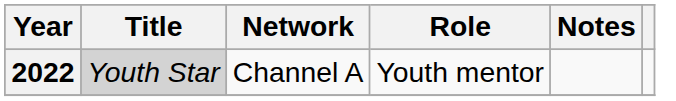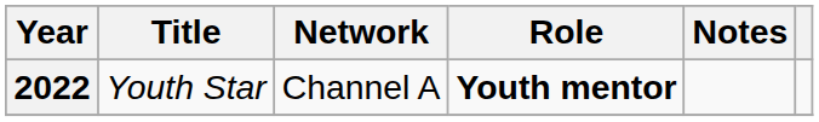 <table class="wikitable sortable plainrowheaders">
 <tr>
 <th scope="col">Year</th>
 <th scope="col">Title</th>
 <th scope="col">Network</th>
 <th scope="col">Role</th>
 <th scope="col">Notes</th>
 <th scope="col" class="unsortable"></th>
 </tr>
 <tr>
 <th scope="row">2022</th>
-<td style="background: lightgrey;"><em>Youth Star</em></td>
+<td><em>Youth Star</em></td>
 <td>Channel A</td>
-<td>Youth mentor</td>
+<td><strong>Youth mentor</strong></td>
 <td></td>
 <td style="text-align:center"></td>
 </tr>
 <tr>
 </tr>
 </table>
